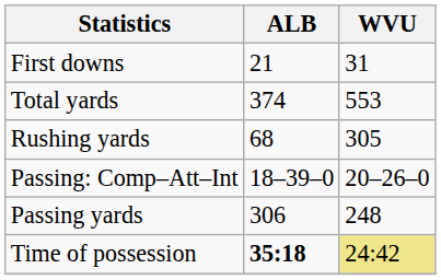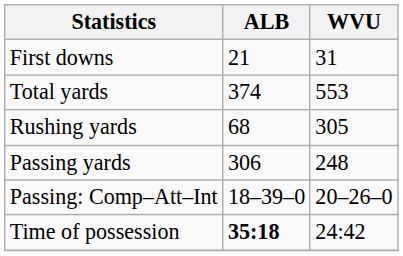 <table class="wikitable" style="float: left;">
 <tr>
 <th>Statistics</th>
 <th>ALB</th>
 <th>WVU</th>
 </tr>
 <tr>
 <td>First downs</td>
 <td>21</td>
 <td>31</td>
 </tr>
 <tr>
 <td>Total yards</td>
 <td>374</td>
 <td>553</td>
 </tr>
 <tr>
 <td>Rushing yards</td>
 <td>68</td>
 <td>305</td>
 </tr>
 <tr>
+<td>Passing yards</td>
+<td>306</td>
+<td>248</td>
+</tr>
+<tr>
 <td>Passing: Comp–Att–Int</td>
 <td>18–39–0</td>
 <td>20–26–0</td>
 </tr>
 <tr>
-<td>Passing yards</td>
-<td>306</td>
-<td>248</td>
-</tr>
-<tr>
 <td>Time of possession</td>
 <td><strong>35:18</strong></td>
-<td style="background: khaki;">24:42</td>
+<td>24:42</td>
 </tr>
 <tr>
 </tr>
 </table>
